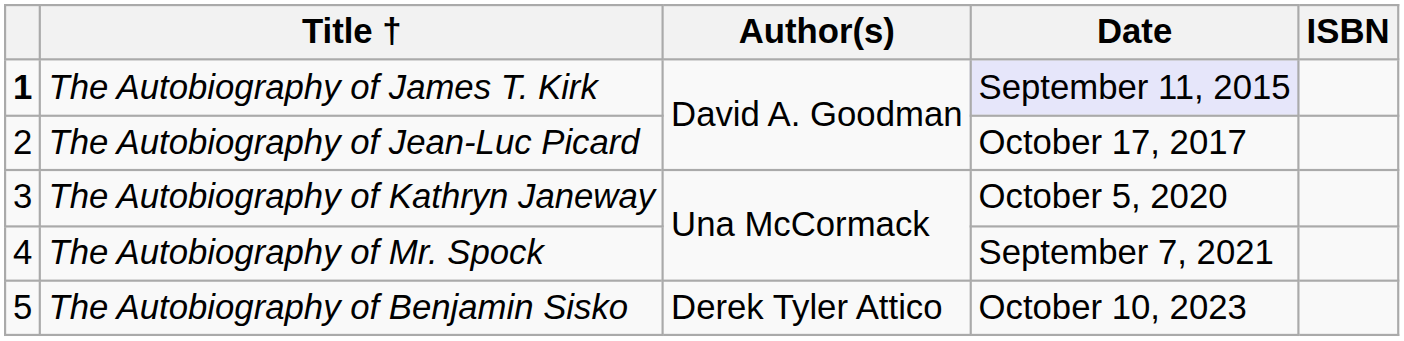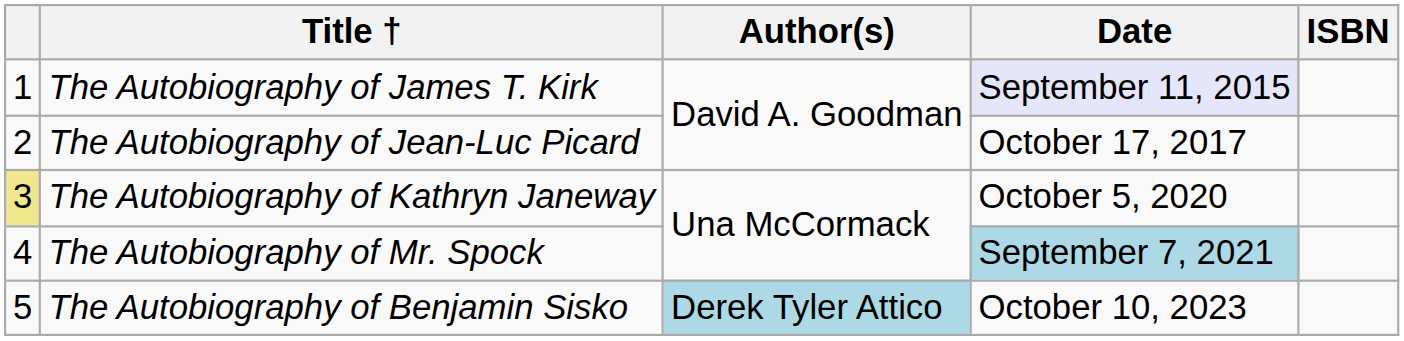 <table class="wikitable">
 <tr>
 <th></th>
 <th>Title †</th>
 <th>Author(s)</th>
 <th>Date</th>
 <th>ISBN</th>
 </tr>
 <tr>
-<td><strong>1</strong></td>
+<td>1</td>
 <td><em>The Autobiography of James T. Kirk</em></td>
 <td rowspan="2">David A. Goodman</td>
 <td style="background: lavender;">September 11, 2015</td>
 <td></td>
 </tr>
 <tr>
 <td>2</td>
 <td><em>The Autobiography of Jean-Luc Picard</em></td>
 <td>October 17, 2017</td>
 <td></td>
 </tr>
 <tr>
-<td>3</td>
+<td style="background: khaki;">3</td>
 <td><em>The Autobiography of Kathryn Janeway</em></td>
 <td rowspan="2">Una McCormack</td>
 <td>October 5, 2020</td>
 <td></td>
 </tr>
 <tr>
 <td>4</td>
 <td><em>The Autobiography of Mr. Spock</em></td>
-<td>September 7, 2021</td>
+<td style="background: lightblue;">September 7, 2021</td>
 <td></td>
 </tr>
 <tr>
 <td>5</td>
 <td><em>The Autobiography of Benjamin Sisko</em></td>
-<td>Derek Tyler Attico</td>
+<td style="background: lightblue;">Derek Tyler Attico</td>
 <td>October 10, 2023</td>
 <td></td>
 </tr>
 </table>
